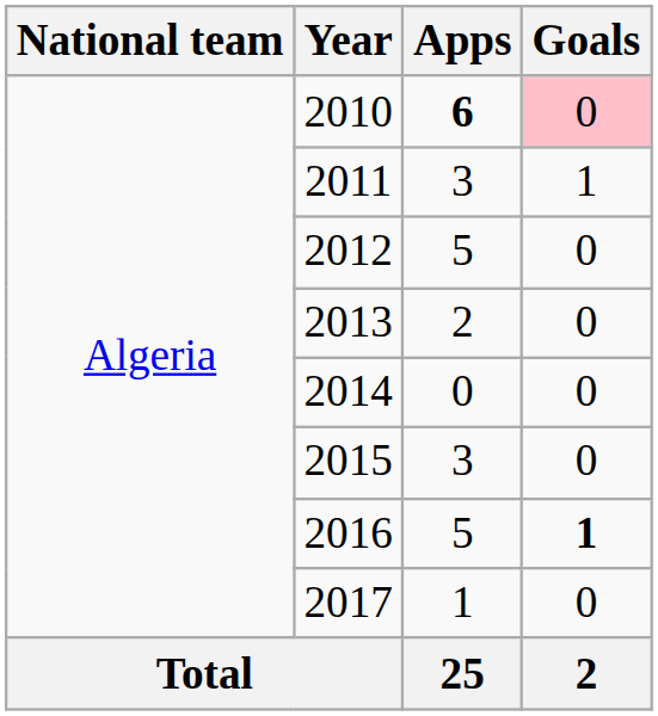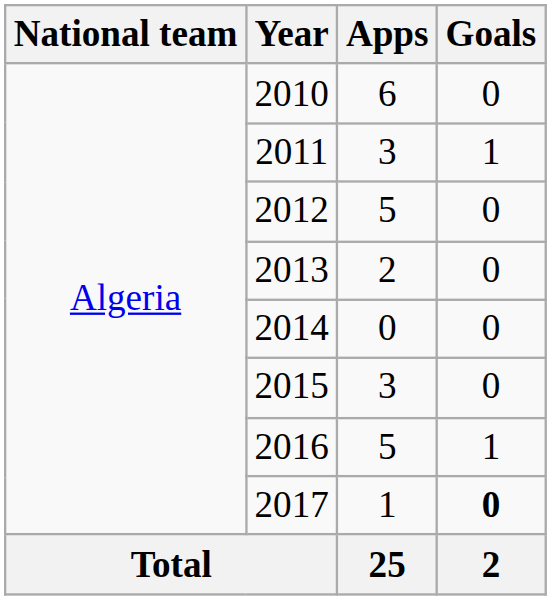 <table class="wikitable" style="text-align:center">
 <tr>
 <th>National team</th>
 <th>Year</th>
 <th>Apps</th>
 <th>Goals</th>
 </tr>
 <tr>
 <td rowspan="8"><a href='#'>Algeria</a></td>
 <td>2010</td>
-<td><strong>6</strong></td>
-<td style="background: pink;">0</td>
+<td>6</td>
+<td>0</td>
 </tr>
 <tr>
 <td>2011</td>
 <td>3</td>
 <td>1</td>
 </tr>
 <tr>
 <td>2012</td>
 <td>5</td>
 <td>0</td>
 </tr>
 <tr>
 <td>2013</td>
 <td>2</td>
 <td>0</td>
 </tr>
 <tr>
 <td>2014</td>
 <td>0</td>
 <td>0</td>
 </tr>
 <tr>
 <td>2015</td>
 <td>3</td>
 <td>0</td>
 </tr>
 <tr>
 <td>2016</td>
 <td>5</td>
-<td><strong>1</strong></td>
+<td>1</td>
 </tr>
 <tr>
 <td>2017</td>
 <td>1</td>
-<td>0</td>
+<td><strong>0</strong></td>
 </tr>
 <tr>
 <th colspan="2">Total</th>
 <th>25</th>
 <th>2</th>
 </tr>
 </table>
